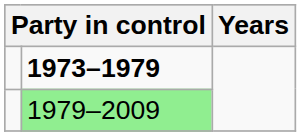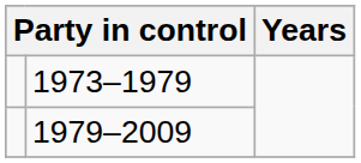 <table class="wikitable">
 <tr>
 <th colspan="2">Party in control</th>
 <th>Years</th>
 </tr>
 <tr>
 <td></td>
-<td><strong>1973–1979</strong></td>
+<td>1973–1979</td>
 </tr>
 <tr>
 <td></td>
-<td style="background: lightgreen;">1979–2009</td>
+<td>1979–2009</td>
 </tr>
 </table>
